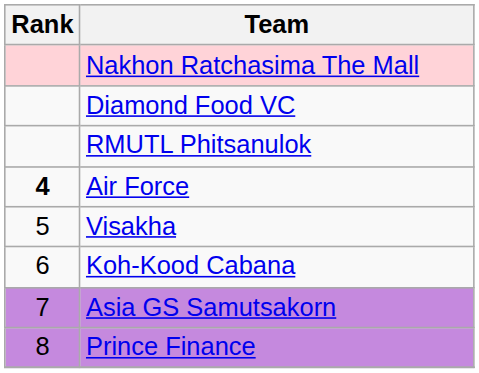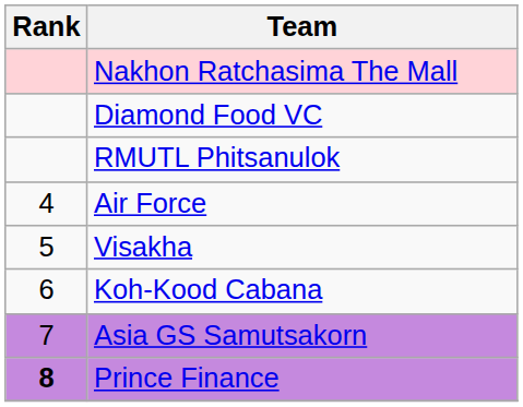 <table class="wikitable" style="text-align: center;">
 <tr>
 <th width=40>Rank</th>
 <th width=240>Team</th>
 </tr>
 <tr bgcolor=#FFD3D8>
 <td></td>
 <td align=left><a href='#'>Nakhon Ratchasima The Mall</a></td>
 </tr>
 <tr>
 <td></td>
 <td align=left><a href='#'>Diamond Food VC</a></td>
 </tr>
 <tr>
 <td></td>
 <td align=left><a href='#'>RMUTL Phitsanulok</a></td>
 </tr>
 <tr>
-<td><strong>4</strong></td>
+<td>4</td>
 <td align=left><a href='#'>Air Force</a></td>
 </tr>
 <tr>
 <td>5</td>
 <td align=left><a href='#'>Visakha</a></td>
 </tr>
 <tr>
 <td>6</td>
 <td align=left><a href='#'>Koh-Kood Cabana</a></td>
 </tr>
 <tr bgcolor=#C589DE>
 <td>7</td>
 <td align=left><a href='#'>Asia GS Samutsakorn</a></td>
 </tr>
 <tr bgcolor=#C589DE>
-<td>8</td>
+<td><strong>8</strong></td>
 <td align=left><a href='#'>Prince Finance</a></td>
 </tr>
 <tr>
 </tr>
 </table>
